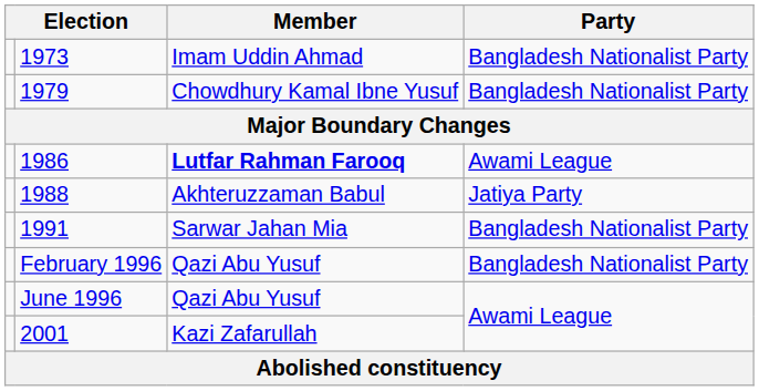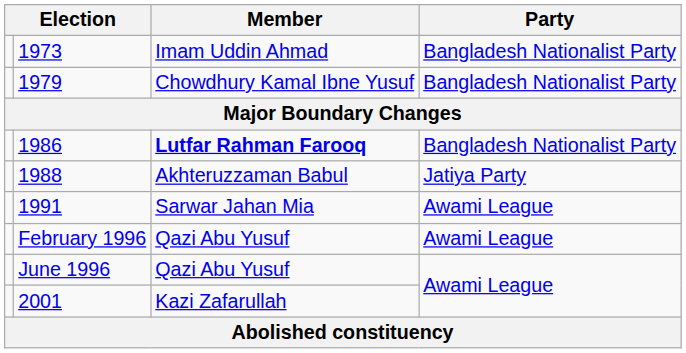 <table class="wikitable">
 <tr>
 <th colspan="2">Election</th>
 <th>Member</th>
 <th>Party</th>
 </tr>
 <tr>
 <td style="background-color:"></td>
 <td><a href='#'>1973</a></td>
 <td><a href='#'>Imam Uddin Ahmad</a></td>
 <td><a href='#'>Bangladesh Nationalist Party</a></td>
 </tr>
 <tr>
 <td style="background-color:"></td>
 <td><a href='#'>1979</a></td>
 <td><a href='#'>Chowdhury Kamal Ibne Yusuf</a></td>
 <td><a href='#'>Bangladesh Nationalist Party</a></td>
 </tr>
 <tr>
 <th colspan="4">Major Boundary Changes</th>
 </tr>
 <tr>
 <td style="background-color:"></td>
 <td><a href='#'>1986</a></td>
 <td><strong><a href='#'>Lutfar Rahman Farooq</a></strong></td>
-<td><a href='#'>Awami League</a></td>
+<td><a href='#'>Bangladesh Nationalist Party</a></td>
 </tr>
 <tr>
 <td style="background-color:"></td>
 <td><a href='#'>1988</a></td>
 <td><a href='#'>Akhteruzzaman Babul</a></td>
 <td><a href='#'>Jatiya Party</a></td>
 </tr>
 <tr>
 <td style="background-color:"></td>
 <td><a href='#'>1991</a></td>
 <td><a href='#'>Sarwar Jahan Mia</a></td>
-<td><a href='#'>Bangladesh Nationalist Party</a></td>
+<td><a href='#'>Awami League</a></td>
 </tr>
 <tr>
 <td style="background-color:"></td>
 <td><a href='#'>February 1996</a></td>
 <td><a href='#'>Qazi Abu Yusuf</a></td>
-<td><a href='#'>Bangladesh Nationalist Party</a></td>
+<td><a href='#'>Awami League</a></td>
 </tr>
 <tr>
 <td style="background-color:"></td>
 <td><a href='#'>June 1996</a></td>
 <td><a href='#'>Qazi Abu Yusuf</a></td>
 <td rowspan="2"><a href='#'>Awami League</a></td>
 </tr>
 <tr>
 <td style="background-color:"></td>
 <td><a href='#'>2001</a></td>
 <td><a href='#'>Kazi Zafarullah</a></td>
 </tr>
 <tr>
 <th colspan="4">Abolished constituency</th>
 </tr>
 </table>
